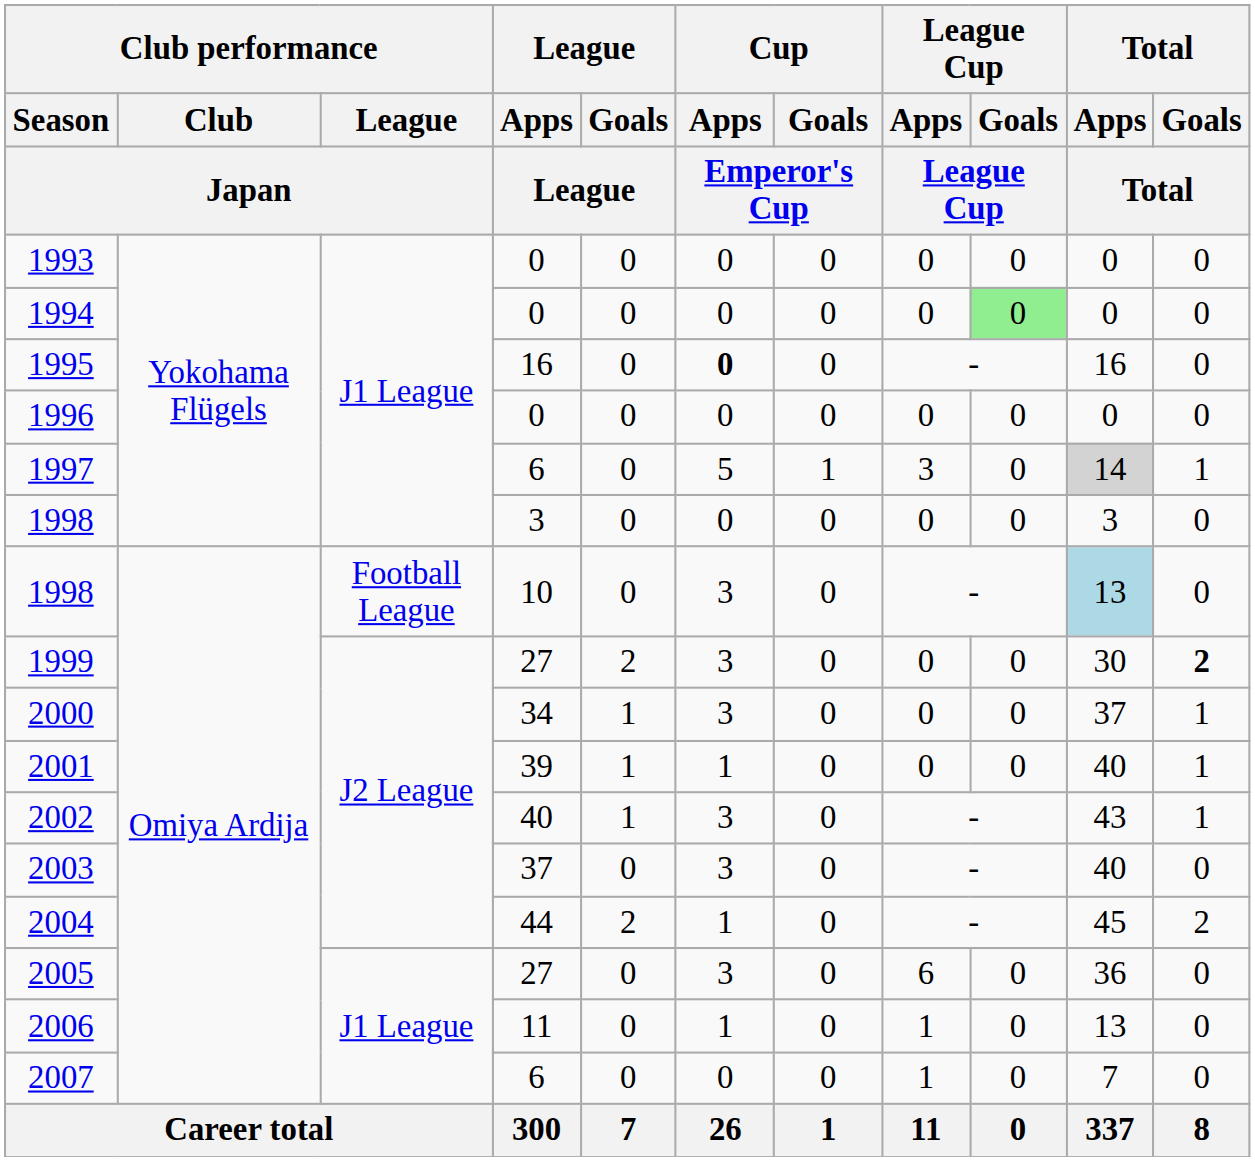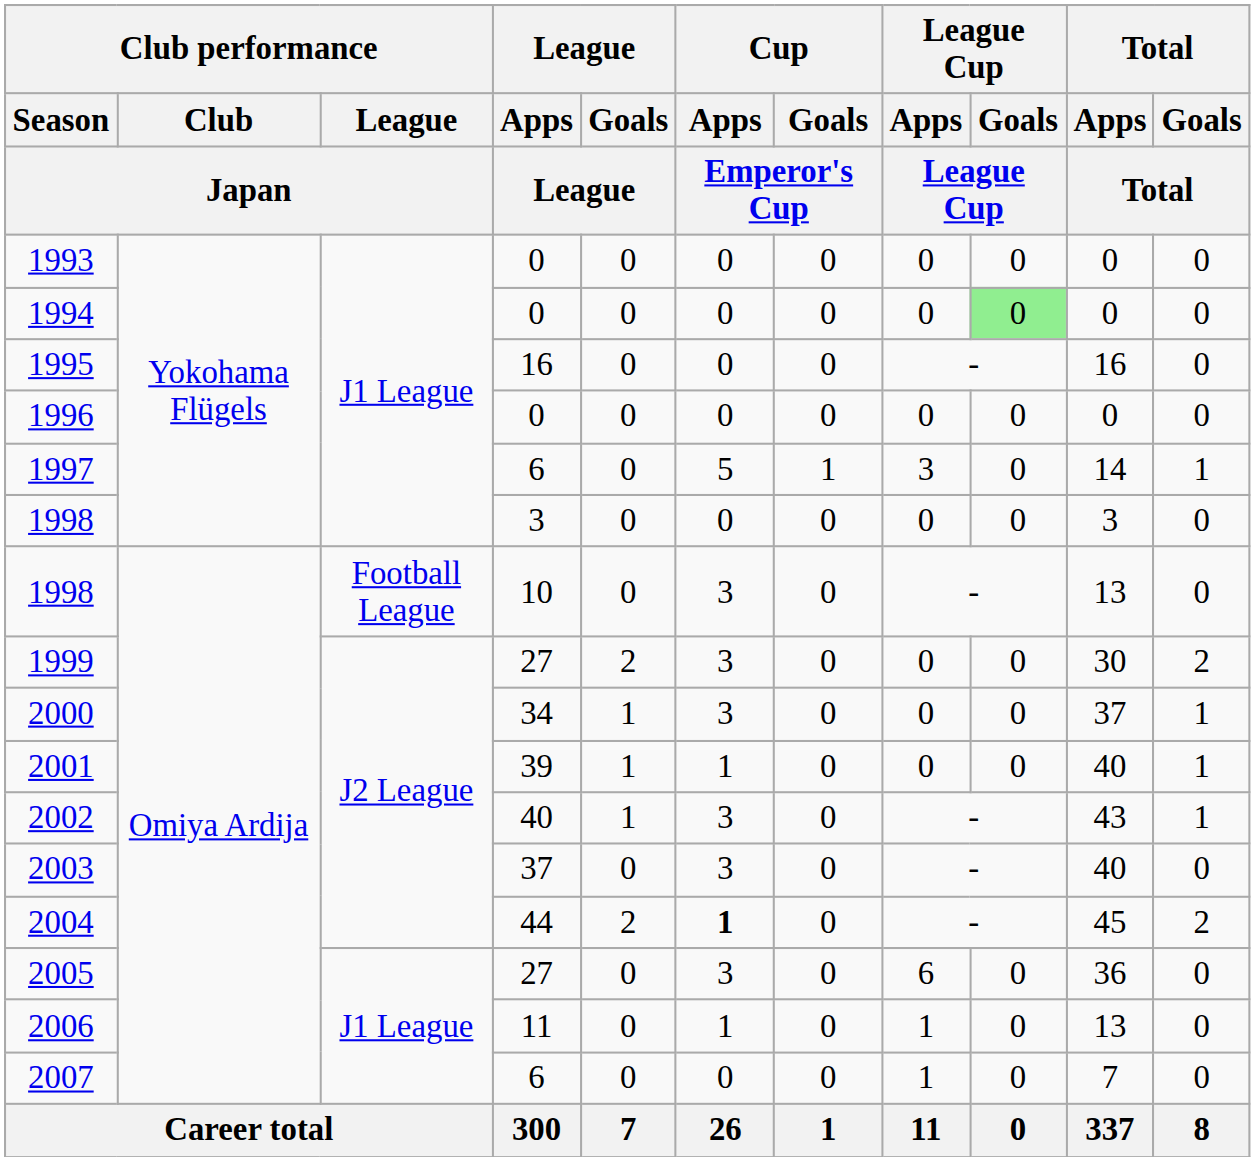 <table class="wikitable" style="text-align:center">
 <tr>
 <th colspan=3>Club performance</th>
 <th colspan=2>League</th>
 <th colspan=2>Cup</th>
 <th colspan=2>League Cup</th>
 <th colspan=2>Total</th>
 </tr>
 <tr>
 <th>Season</th>
 <th>Club</th>
 <th>League</th>
 <th>Apps</th>
 <th>Goals</th>
 <th>Apps</th>
 <th>Goals</th>
 <th>Apps</th>
 <th>Goals</th>
 <th>Apps</th>
 <th>Goals</th>
 </tr>
 <tr>
 <th colspan=3>Japan</th>
 <th colspan=2>League</th>
 <th colspan=2><a href='#'>Emperor's Cup</a></th>
 <th colspan=2><a href='#'>League Cup</a></th>
 <th colspan=2>Total</th>
 </tr>
 <tr>
 <td><a href='#'>1993</a></td>
 <td rowspan="6"><a href='#'>Yokohama Flügels</a></td>
 <td rowspan="6"><a href='#'>J1 League</a></td>
 <td>0</td>
 <td>0</td>
 <td>0</td>
 <td>0</td>
 <td>0</td>
 <td>0</td>
 <td>0</td>
 <td>0</td>
 </tr>
 <tr>
 <td><a href='#'>1994</a></td>
 <td>0</td>
 <td>0</td>
 <td>0</td>
 <td>0</td>
 <td>0</td>
 <td style="background: lightgreen;">0</td>
 <td>0</td>
 <td>0</td>
 </tr>
 <tr>
 <td><a href='#'>1995</a></td>
 <td>16</td>
 <td>0</td>
-<td><strong>0</strong></td>
+<td>0</td>
 <td>0</td>
 <td colspan="2">-</td>
 <td>16</td>
 <td>0</td>
 </tr>
 <tr>
 <td><a href='#'>1996</a></td>
 <td>0</td>
 <td>0</td>
 <td>0</td>
 <td>0</td>
 <td>0</td>
 <td>0</td>
 <td>0</td>
 <td>0</td>
 </tr>
 <tr>
 <td><a href='#'>1997</a></td>
 <td>6</td>
 <td>0</td>
 <td>5</td>
 <td>1</td>
 <td>3</td>
 <td>0</td>
-<td style="background: lightgrey;">14</td>
+<td>14</td>
 <td>1</td>
 </tr>
 <tr>
 <td><a href='#'>1998</a></td>
 <td>3</td>
 <td>0</td>
 <td>0</td>
 <td>0</td>
 <td>0</td>
 <td>0</td>
 <td>3</td>
 <td>0</td>
 </tr>
 <tr>
 <td><a href='#'>1998</a></td>
 <td rowspan="10"><a href='#'>Omiya Ardija</a></td>
 <td><a href='#'>Football League</a></td>
 <td>10</td>
 <td>0</td>
 <td>3</td>
 <td>0</td>
 <td colspan="2">-</td>
-<td style="background: lightblue;">13</td>
+<td>13</td>
 <td>0</td>
 </tr>
 <tr>
 <td><a href='#'>1999</a></td>
 <td rowspan="6"><a href='#'>J2 League</a></td>
 <td>27</td>
 <td>2</td>
 <td>3</td>
 <td>0</td>
 <td>0</td>
 <td>0</td>
 <td>30</td>
-<td><strong>2</strong></td>
+<td>2</td>
 </tr>
 <tr>
 <td><a href='#'>2000</a></td>
 <td>34</td>
 <td>1</td>
 <td>3</td>
 <td>0</td>
 <td>0</td>
 <td>0</td>
 <td>37</td>
 <td>1</td>
 </tr>
 <tr>
 <td><a href='#'>2001</a></td>
 <td>39</td>
 <td>1</td>
 <td>1</td>
 <td>0</td>
 <td>0</td>
 <td>0</td>
 <td>40</td>
 <td>1</td>
 </tr>
 <tr>
 <td><a href='#'>2002</a></td>
 <td>40</td>
 <td>1</td>
 <td>3</td>
 <td>0</td>
 <td colspan="2">-</td>
 <td>43</td>
 <td>1</td>
 </tr>
 <tr>
 <td><a href='#'>2003</a></td>
 <td>37</td>
 <td>0</td>
 <td>3</td>
 <td>0</td>
 <td colspan="2">-</td>
 <td>40</td>
 <td>0</td>
 </tr>
 <tr>
 <td><a href='#'>2004</a></td>
 <td>44</td>
 <td>2</td>
-<td>1</td>
+<td><strong>1</strong></td>
 <td>0</td>
 <td colspan="2">-</td>
 <td>45</td>
 <td>2</td>
 </tr>
 <tr>
 <td><a href='#'>2005</a></td>
 <td rowspan="3"><a href='#'>J1 League</a></td>
 <td>27</td>
 <td>0</td>
 <td>3</td>
 <td>0</td>
 <td>6</td>
 <td>0</td>
 <td>36</td>
 <td>0</td>
 </tr>
 <tr>
 <td><a href='#'>2006</a></td>
 <td>11</td>
 <td>0</td>
 <td>1</td>
 <td>0</td>
 <td>1</td>
 <td>0</td>
 <td>13</td>
 <td>0</td>
 </tr>
 <tr>
 <td><a href='#'>2007</a></td>
 <td>6</td>
 <td>0</td>
 <td>0</td>
 <td>0</td>
 <td>1</td>
 <td>0</td>
 <td>7</td>
 <td>0</td>
 </tr>
 <tr>
 <th colspan=3>Career total</th>
 <th>300</th>
 <th>7</th>
 <th>26</th>
 <th>1</th>
 <th>11</th>
 <th>0</th>
 <th>337</th>
 <th>8</th>
 </tr>
 </table>
